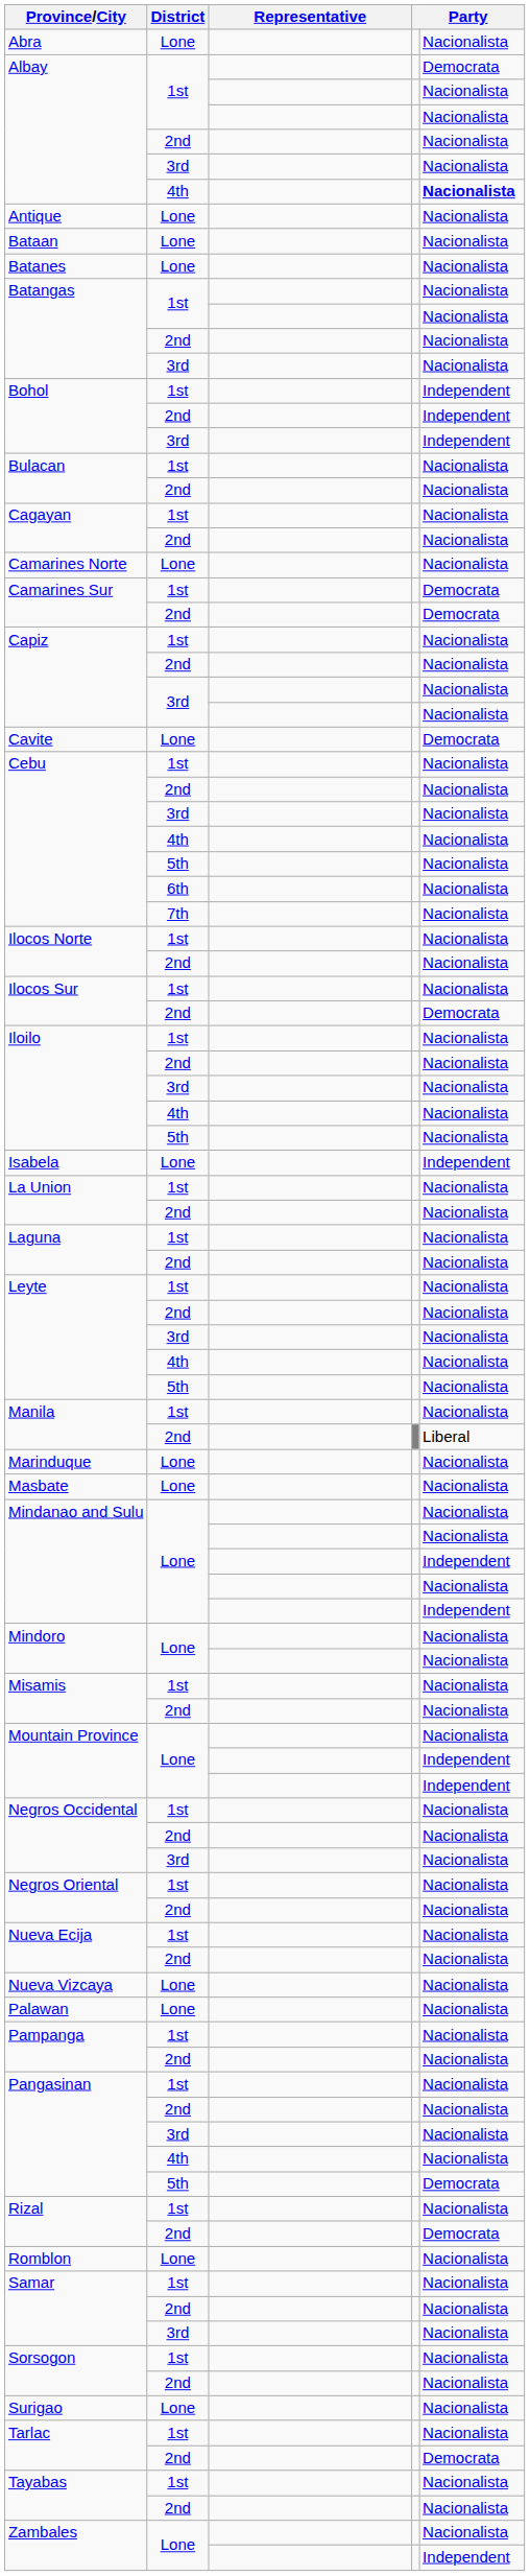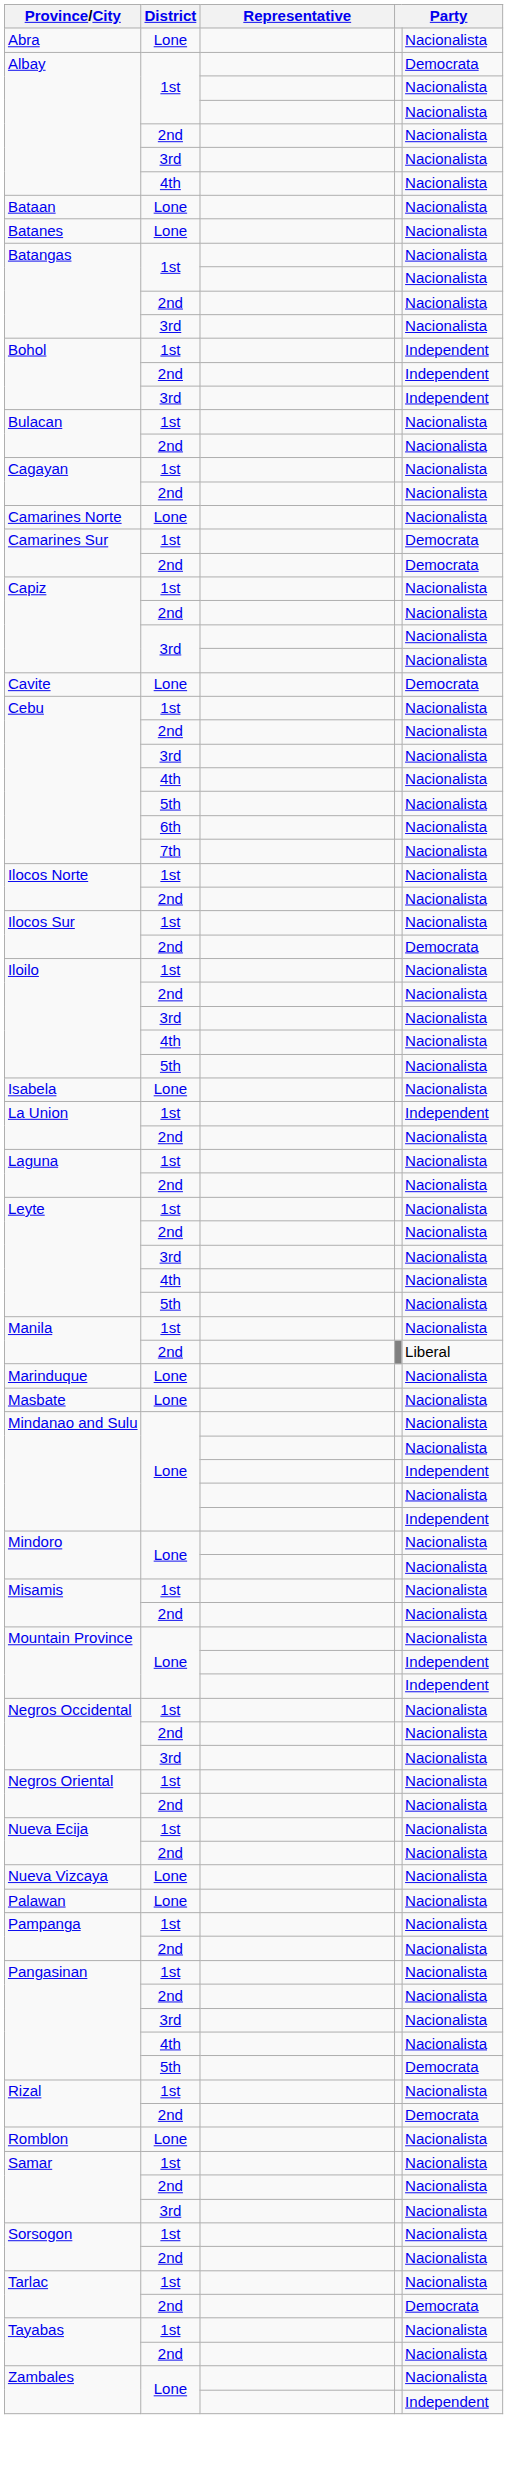 <table class="wikitable sortable">
 <tr>
 <th><a href='#'>Province</a>/<a href='#'>City</a></th>
 <th><a href='#'>District</a></th>
 <th width="200px"><a href='#'>Representative</a></th>
 <th colspan="2"><a href='#'>Party</a></th>
 </tr>
 <tr>
 <td valign="top"><a href='#'>Abra</a></td>
 <td align="center"><a href='#'>Lone</a></td>
 <td></td>
 <td></td>
 <td width="100px"><a href='#'>Nacionalista</a></td>
 </tr>
 <tr>
 <td rowspan="6" valign="top"><a href='#'>Albay</a></td>
 <td rowspan="3" align="center"><a href='#'>1st</a></td>
 <td></td>
 <td></td>
 <td><a href='#'>Democrata</a></td>
 </tr>
 <tr>
 <td></td>
 <td></td>
 <td><a href='#'>Nacionalista</a></td>
 </tr>
 <tr>
 <td></td>
 <td></td>
 <td><a href='#'>Nacionalista</a></td>
 </tr>
 <tr>
 <td align="center"><a href='#'>2nd</a></td>
 <td></td>
 <td></td>
 <td><a href='#'>Nacionalista</a></td>
 </tr>
 <tr>
 <td align="center"><a href='#'>3rd</a></td>
 <td></td>
 <td></td>
 <td><a href='#'>Nacionalista</a></td>
 </tr>
 <tr>
 <td align="center"><a href='#'>4th</a></td>
-<td></td>
-<td></td>
-<td><strong><a href='#'>Nacionalista</a></strong></td>
-</tr>
-<tr>
-<td><a href='#'>Antique</a></td>
-<td align="center"><a href='#'>Lone</a></td>
 <td></td>
 <td></td>
 <td><a href='#'>Nacionalista</a></td>
 </tr>
 <tr>
 <td valign="top"><a href='#'>Bataan</a></td>
 <td align="center"><a href='#'>Lone</a></td>
 <td></td>
 <td></td>
 <td><a href='#'>Nacionalista</a></td>
 </tr>
 <tr>
 <td valign="top"><a href='#'>Batanes</a></td>
 <td align="center"><a href='#'>Lone</a></td>
 <td></td>
 <td></td>
 <td><a href='#'>Nacionalista</a></td>
 </tr>
 <tr>
 <td rowspan="4" valign="top"><a href='#'>Batangas</a></td>
 <td rowspan="2" align="center"><a href='#'>1st</a></td>
 <td></td>
 <td></td>
 <td><a href='#'>Nacionalista</a></td>
 </tr>
 <tr>
 <td></td>
 <td></td>
 <td><a href='#'>Nacionalista</a></td>
 </tr>
 <tr>
 <td align="center"><a href='#'>2nd</a></td>
 <td></td>
 <td></td>
 <td><a href='#'>Nacionalista</a></td>
 </tr>
 <tr>
 <td align="center"><a href='#'>3rd</a></td>
 <td></td>
 <td></td>
 <td><a href='#'>Nacionalista</a></td>
 </tr>
 <tr>
 <td rowspan="3" valign="top"><a href='#'>Bohol</a></td>
 <td align="center"><a href='#'>1st</a></td>
 <td></td>
 <td></td>
 <td><a href='#'>Independent</a></td>
 </tr>
 <tr>
 <td align="center"><a href='#'>2nd</a></td>
 <td></td>
 <td></td>
 <td><a href='#'>Independent</a></td>
 </tr>
 <tr>
 <td align="center"><a href='#'>3rd</a></td>
 <td></td>
 <td></td>
 <td><a href='#'>Independent</a></td>
 </tr>
 <tr>
 <td rowspan="2" valign="top"><a href='#'>Bulacan</a></td>
 <td align="center"><a href='#'>1st</a></td>
 <td></td>
 <td></td>
 <td><a href='#'>Nacionalista</a></td>
 </tr>
 <tr>
 <td align="center"><a href='#'>2nd</a></td>
 <td></td>
 <td></td>
 <td><a href='#'>Nacionalista</a></td>
 </tr>
 <tr>
 <td rowspan="2" valign="top"><a href='#'>Cagayan</a></td>
 <td align="center"><a href='#'>1st</a></td>
 <td></td>
 <td></td>
 <td><a href='#'>Nacionalista</a></td>
 </tr>
 <tr>
 <td align="center"><a href='#'>2nd</a></td>
 <td></td>
 <td></td>
 <td><a href='#'>Nacionalista</a></td>
 </tr>
 <tr>
 <td valign="top"><a href='#'>Camarines Norte</a></td>
 <td align="center"><a href='#'>Lone</a></td>
 <td></td>
 <td></td>
 <td><a href='#'>Nacionalista</a></td>
 </tr>
 <tr>
 <td rowspan="2"  valign="top"><a href='#'>Camarines Sur</a></td>
 <td align="center"><a href='#'>1st</a></td>
 <td></td>
 <td></td>
 <td><a href='#'>Democrata</a></td>
 </tr>
 <tr>
 <td align="center"><a href='#'>2nd</a></td>
 <td></td>
 <td></td>
 <td><a href='#'>Democrata</a></td>
 </tr>
 <tr>
 <td rowspan="4" valign="top"><a href='#'>Capiz</a></td>
 <td align="center"><a href='#'>1st</a></td>
 <td></td>
 <td></td>
 <td><a href='#'>Nacionalista</a></td>
 </tr>
 <tr>
 <td align="center"><a href='#'>2nd</a></td>
 <td></td>
 <td></td>
 <td><a href='#'>Nacionalista</a></td>
 </tr>
 <tr>
 <td rowspan="2" align="center"><a href='#'>3rd</a></td>
 <td></td>
 <td></td>
 <td><a href='#'>Nacionalista</a></td>
 </tr>
 <tr>
 <td></td>
 <td></td>
 <td><a href='#'>Nacionalista</a></td>
 </tr>
 <tr>
 <td valign="top"><a href='#'>Cavite</a></td>
 <td align="center"><a href='#'>Lone</a></td>
 <td></td>
 <td></td>
 <td><a href='#'>Democrata</a></td>
 </tr>
 <tr>
 <td rowspan="7" valign="top"><a href='#'>Cebu</a></td>
 <td align="center"><a href='#'>1st</a></td>
 <td></td>
 <td></td>
 <td><a href='#'>Nacionalista</a></td>
 </tr>
 <tr>
 <td align="center"><a href='#'>2nd</a></td>
 <td></td>
 <td></td>
 <td><a href='#'>Nacionalista</a></td>
 </tr>
 <tr>
 <td align="center"><a href='#'>3rd</a></td>
 <td></td>
 <td></td>
 <td><a href='#'>Nacionalista</a></td>
 </tr>
 <tr>
 <td align="center"><a href='#'>4th</a></td>
 <td></td>
 <td></td>
 <td><a href='#'>Nacionalista</a></td>
 </tr>
 <tr>
 <td align="center"><a href='#'>5th</a></td>
 <td></td>
 <td></td>
 <td><a href='#'>Nacionalista</a></td>
 </tr>
 <tr>
 <td align="center"><a href='#'>6th</a></td>
 <td></td>
 <td></td>
 <td><a href='#'>Nacionalista</a></td>
 </tr>
 <tr>
 <td align="center"><a href='#'>7th</a></td>
 <td></td>
 <td></td>
 <td><a href='#'>Nacionalista</a></td>
 </tr>
 <tr>
 <td rowspan="2" valign="top"><a href='#'>Ilocos Norte</a></td>
 <td align="center"><a href='#'>1st</a></td>
 <td></td>
 <td></td>
 <td><a href='#'>Nacionalista</a></td>
 </tr>
 <tr>
 <td align="center"><a href='#'>2nd</a></td>
 <td></td>
 <td></td>
 <td><a href='#'>Nacionalista</a></td>
 </tr>
 <tr>
 <td rowspan="2" valign="top"><a href='#'>Ilocos Sur</a></td>
 <td align="center"><a href='#'>1st</a></td>
 <td></td>
 <td></td>
 <td><a href='#'>Nacionalista</a></td>
 </tr>
 <tr>
 <td align="center"><a href='#'>2nd</a></td>
 <td></td>
 <td></td>
 <td><a href='#'>Democrata</a></td>
 </tr>
 <tr>
 <td rowspan="5" valign="top"><a href='#'>Iloilo</a></td>
 <td align="center"><a href='#'>1st</a></td>
 <td></td>
 <td></td>
 <td><a href='#'>Nacionalista</a></td>
 </tr>
 <tr>
 <td align="center"><a href='#'>2nd</a></td>
 <td></td>
 <td></td>
 <td><a href='#'>Nacionalista</a></td>
 </tr>
 <tr>
 <td align="center"><a href='#'>3rd</a></td>
 <td></td>
 <td></td>
 <td><a href='#'>Nacionalista</a></td>
 </tr>
 <tr>
 <td align="center"><a href='#'>4th</a></td>
 <td></td>
 <td></td>
 <td><a href='#'>Nacionalista</a></td>
 </tr>
 <tr>
 <td align="center"><a href='#'>5th</a></td>
 <td></td>
 <td></td>
 <td><a href='#'>Nacionalista</a></td>
 </tr>
 <tr>
 <td valign="top"><a href='#'>Isabela</a></td>
 <td align="center"><a href='#'>Lone</a></td>
 <td></td>
 <td></td>
-<td><a href='#'>Independent</a></td>
+<td><a href='#'>Nacionalista</a></td>
 </tr>
 <tr>
 <td rowspan="2" valign="top"><a href='#'>La Union</a></td>
 <td align="center"><a href='#'>1st</a></td>
 <td></td>
 <td></td>
-<td><a href='#'>Nacionalista</a></td>
+<td><a href='#'>Independent</a></td>
 </tr>
 <tr>
 <td align="center"><a href='#'>2nd</a></td>
 <td></td>
 <td></td>
 <td><a href='#'>Nacionalista</a></td>
 </tr>
 <tr>
 <td rowspan="2" valign="top"><a href='#'>Laguna</a></td>
 <td align="center"><a href='#'>1st</a></td>
 <td></td>
 <td></td>
 <td><a href='#'>Nacionalista</a></td>
 </tr>
 <tr>
 <td align="center"><a href='#'>2nd</a></td>
 <td></td>
 <td></td>
 <td><a href='#'>Nacionalista</a></td>
 </tr>
 <tr>
 <td rowspan="5" valign="top"><a href='#'>Leyte</a></td>
 <td align="center"><a href='#'>1st</a></td>
 <td></td>
 <td></td>
 <td><a href='#'>Nacionalista</a></td>
 </tr>
 <tr>
 <td align="center"><a href='#'>2nd</a></td>
 <td></td>
 <td></td>
 <td><a href='#'>Nacionalista</a></td>
 </tr>
 <tr>
 <td align="center"><a href='#'>3rd</a></td>
 <td></td>
 <td></td>
 <td><a href='#'>Nacionalista</a></td>
 </tr>
 <tr>
 <td align="center"><a href='#'>4th</a></td>
 <td></td>
 <td></td>
 <td><a href='#'>Nacionalista</a></td>
 </tr>
 <tr>
 <td align="center"><a href='#'>5th</a></td>
 <td></td>
 <td></td>
 <td><a href='#'>Nacionalista</a></td>
 </tr>
 <tr>
 <td rowspan="2" valign="top"><a href='#'>Manila</a></td>
 <td align="center"><a href='#'>1st</a></td>
 <td></td>
 <td></td>
 <td><a href='#'>Nacionalista</a></td>
 </tr>
 <tr>
 <td align="center"><a href='#'>2nd</a></td>
 <td></td>
 <td bgcolor="gray"></td>
 <td>Liberal</td>
 </tr>
 <tr>
 <td valign="top"><a href='#'>Marinduque</a></td>
 <td align="center"><a href='#'>Lone</a></td>
 <td></td>
 <td></td>
 <td><a href='#'>Nacionalista</a></td>
 </tr>
 <tr>
 <td valign="top"><a href='#'>Masbate</a></td>
 <td align="center"><a href='#'>Lone</a></td>
 <td></td>
 <td></td>
 <td><a href='#'>Nacionalista</a></td>
 </tr>
 <tr>
 <td rowspan="5" valign="top"><a href='#'>Mindanao and Sulu</a></td>
 <td rowspan="5" align="center"><a href='#'>Lone</a></td>
 <td></td>
 <td></td>
 <td><a href='#'>Nacionalista</a></td>
 </tr>
 <tr>
 <td></td>
 <td></td>
 <td><a href='#'>Nacionalista</a></td>
 </tr>
 <tr>
 <td></td>
 <td></td>
 <td><a href='#'>Independent</a></td>
 </tr>
 <tr>
 <td></td>
 <td></td>
 <td><a href='#'>Nacionalista</a></td>
 </tr>
 <tr>
 <td></td>
 <td></td>
 <td><a href='#'>Independent</a></td>
 </tr>
 <tr>
 <td rowspan="2" valign="top"><a href='#'>Mindoro</a></td>
 <td rowspan="2" align="center"><a href='#'>Lone</a></td>
 <td></td>
 <td></td>
 <td><a href='#'>Nacionalista</a></td>
 </tr>
 <tr>
 <td></td>
 <td></td>
 <td><a href='#'>Nacionalista</a></td>
 </tr>
 <tr>
 <td rowspan="2" valign="top"><a href='#'>Misamis</a></td>
 <td align="center"><a href='#'>1st</a></td>
 <td></td>
 <td></td>
 <td><a href='#'>Nacionalista</a></td>
 </tr>
 <tr>
 <td align="center"><a href='#'>2nd</a></td>
 <td></td>
 <td></td>
 <td><a href='#'>Nacionalista</a></td>
 </tr>
 <tr>
 <td rowspan="3" valign="top"><a href='#'>Mountain Province</a></td>
 <td rowspan="3" align="center"><a href='#'>Lone</a></td>
 <td></td>
 <td></td>
 <td><a href='#'>Nacionalista</a></td>
 </tr>
 <tr>
 <td></td>
 <td></td>
 <td><a href='#'>Independent</a></td>
 </tr>
 <tr>
 <td></td>
 <td></td>
 <td><a href='#'>Independent</a></td>
 </tr>
 <tr>
 <td rowspan="3" valign="top"><a href='#'>Negros Occidental</a></td>
 <td align="center"><a href='#'>1st</a></td>
 <td></td>
 <td></td>
 <td><a href='#'>Nacionalista</a></td>
 </tr>
 <tr>
 <td align="center"><a href='#'>2nd</a></td>
 <td></td>
 <td></td>
 <td><a href='#'>Nacionalista</a></td>
 </tr>
 <tr>
 <td align="center"><a href='#'>3rd</a></td>
 <td></td>
 <td></td>
 <td><a href='#'>Nacionalista</a></td>
 </tr>
 <tr>
 <td rowspan="2" valign="top"><a href='#'>Negros Oriental</a></td>
 <td align="center"><a href='#'>1st</a></td>
 <td></td>
 <td></td>
 <td><a href='#'>Nacionalista</a></td>
 </tr>
 <tr>
 <td align="center"><a href='#'>2nd</a></td>
 <td></td>
 <td></td>
 <td><a href='#'>Nacionalista</a></td>
 </tr>
 <tr>
 <td rowspan="2" valign="top"><a href='#'>Nueva Ecija</a></td>
 <td align="center"><a href='#'>1st</a></td>
 <td></td>
 <td></td>
 <td><a href='#'>Nacionalista</a></td>
 </tr>
 <tr>
 <td align="center"><a href='#'>2nd</a></td>
 <td></td>
 <td></td>
 <td><a href='#'>Nacionalista</a></td>
 </tr>
 <tr>
 <td valign="top"><a href='#'>Nueva Vizcaya</a></td>
 <td align="center"><a href='#'>Lone</a></td>
 <td></td>
 <td></td>
 <td><a href='#'>Nacionalista</a></td>
 </tr>
 <tr>
 <td valign="top"><a href='#'>Palawan</a></td>
 <td align="center"><a href='#'>Lone</a></td>
 <td></td>
 <td></td>
 <td><a href='#'>Nacionalista</a></td>
 </tr>
 <tr>
 <td rowspan="2" valign="top"><a href='#'>Pampanga</a></td>
 <td align="center"><a href='#'>1st</a></td>
 <td></td>
 <td></td>
 <td><a href='#'>Nacionalista</a></td>
 </tr>
 <tr>
 <td align="center"><a href='#'>2nd</a></td>
 <td></td>
 <td></td>
 <td><a href='#'>Nacionalista</a></td>
 </tr>
 <tr>
 <td rowspan="5" valign="top"><a href='#'>Pangasinan</a></td>
 <td align="center"><a href='#'>1st</a></td>
 <td></td>
 <td></td>
 <td><a href='#'>Nacionalista</a></td>
 </tr>
 <tr>
 <td align="center"><a href='#'>2nd</a></td>
 <td></td>
 <td></td>
 <td><a href='#'>Nacionalista</a></td>
 </tr>
 <tr>
 <td align="center"><a href='#'>3rd</a></td>
 <td></td>
 <td></td>
 <td><a href='#'>Nacionalista</a></td>
 </tr>
 <tr>
 <td align="center"><a href='#'>4th</a></td>
 <td></td>
 <td></td>
 <td><a href='#'>Nacionalista</a></td>
 </tr>
 <tr>
 <td align="center"><a href='#'>5th</a></td>
 <td></td>
 <td></td>
 <td><a href='#'>Democrata</a></td>
 </tr>
 <tr>
 <td rowspan="2" valign="top"><a href='#'>Rizal</a></td>
 <td align="center"><a href='#'>1st</a></td>
 <td></td>
 <td></td>
 <td><a href='#'>Nacionalista</a></td>
 </tr>
 <tr>
 <td align="center"><a href='#'>2nd</a></td>
 <td></td>
 <td></td>
 <td><a href='#'>Democrata</a></td>
 </tr>
 <tr>
 <td valign="top"><a href='#'>Romblon</a></td>
 <td align="center"><a href='#'>Lone</a></td>
 <td></td>
 <td></td>
 <td><a href='#'>Nacionalista</a></td>
 </tr>
 <tr>
 <td rowspan="3" valign="top"><a href='#'>Samar</a></td>
 <td align="center"><a href='#'>1st</a></td>
 <td></td>
 <td></td>
 <td><a href='#'>Nacionalista</a></td>
 </tr>
 <tr>
 <td align="center"><a href='#'>2nd</a></td>
 <td></td>
 <td></td>
 <td><a href='#'>Nacionalista</a></td>
 </tr>
 <tr>
 <td align="center"><a href='#'>3rd</a></td>
 <td></td>
 <td></td>
 <td><a href='#'>Nacionalista</a></td>
 </tr>
 <tr>
 <td rowspan="2" valign="top"><a href='#'>Sorsogon</a></td>
 <td align="center"><a href='#'>1st</a></td>
 <td></td>
 <td></td>
 <td><a href='#'>Nacionalista</a></td>
 </tr>
 <tr>
 <td align="center"><a href='#'>2nd</a></td>
 <td></td>
 <td></td>
 <td><a href='#'>Nacionalista</a></td>
 </tr>
 <tr>
-<td valign="top"><a href='#'>Surigao</a></td>
-<td align="center"><a href='#'>Lone</a></td>
-<td></td>
-<td></td>
-<td><a href='#'>Nacionalista</a></td>
-</tr>
-<tr>
 <td rowspan="2" valign="top"><a href='#'>Tarlac</a></td>
 <td align="center"><a href='#'>1st</a></td>
 <td></td>
 <td></td>
 <td><a href='#'>Nacionalista</a></td>
 </tr>
 <tr>
 <td align="center"><a href='#'>2nd</a></td>
 <td></td>
 <td></td>
 <td><a href='#'>Democrata</a></td>
 </tr>
 <tr>
 <td rowspan="2" valign="top"><a href='#'>Tayabas</a></td>
 <td align="center"><a href='#'>1st</a></td>
 <td></td>
 <td></td>
 <td><a href='#'>Nacionalista</a></td>
 </tr>
 <tr>
 <td align="center"><a href='#'>2nd</a></td>
 <td></td>
 <td></td>
 <td><a href='#'>Nacionalista</a></td>
 </tr>
 <tr>
 <td rowspan="2" valign="top"><a href='#'>Zambales</a></td>
 <td rowspan="2" align="center"><a href='#'>Lone</a></td>
 <td></td>
 <td></td>
 <td><a href='#'>Nacionalista</a></td>
 </tr>
 <tr>
 <td></td>
 <td></td>
 <td><a href='#'>Independent</a></td>
 </tr>
 </table>
